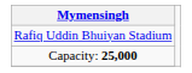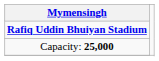 <table class="wikitable" style="text-align:center; margin:0.2em auto;">
 <tr>
 <th><a href='#'>Mymensingh</a></th>
 <td rowspan="4"></td>
 </tr>
 <tr>
-<td><a href='#'>Rafiq Uddin Bhuiyan Stadium</a></td>
+<td><strong><a href='#'>Rafiq Uddin Bhuiyan Stadium</a></strong></td>
 </tr>
 <tr>
 <td>Capacity: <strong>25,000</strong></td>
 </tr>
 <tr>
 </tr>
 </table>
